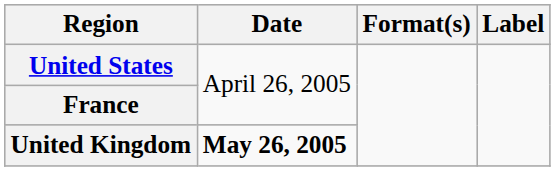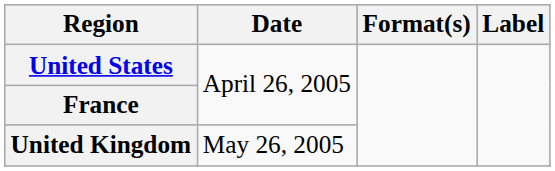 <table class="wikitable plainrowheaders">
 <tr>
 <th scope="col">Region</th>
 <th scope="col">Date</th>
 <th scope="col">Format(s)</th>
 <th scope="col">Label</th>
 </tr>
 <tr>
 <th scope="row"><a href='#'>United States</a></th>
 <td rowspan="2">April 26, 2005</td>
 <td rowspan="3"></td>
 <td rowspan="3"></td>
 </tr>
 <tr>
 <th scope="row">France</th>
 </tr>
 <tr>
 <th scope="row">United Kingdom</th>
-<td><strong>May 26, 2005</strong></td>
+<td>May 26, 2005</td>
 </tr>
 </table>
